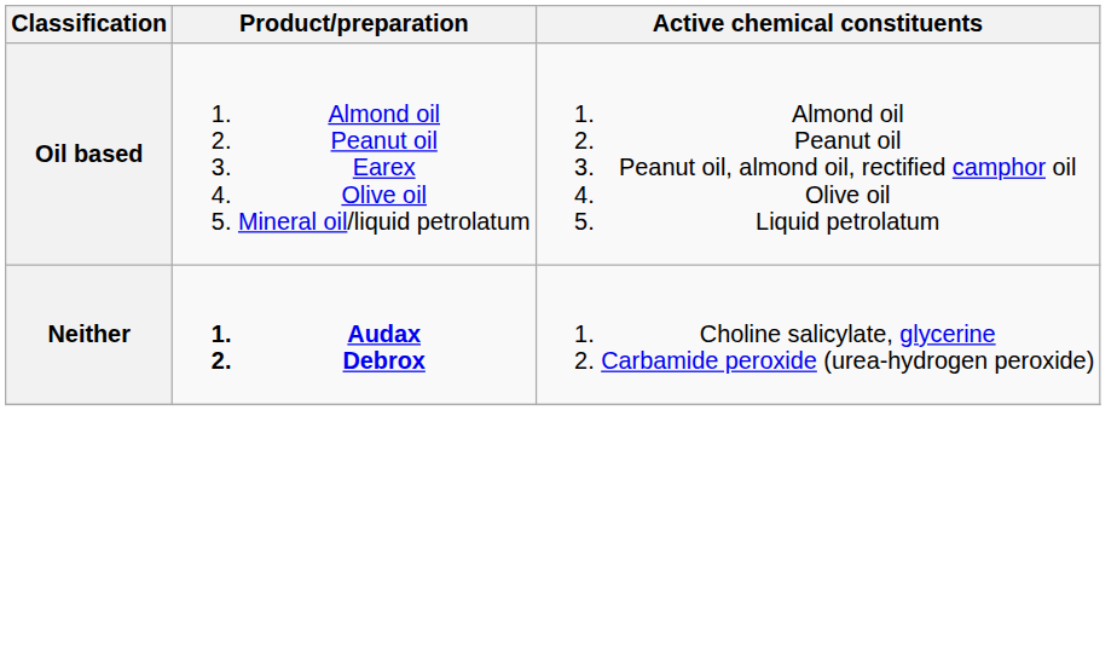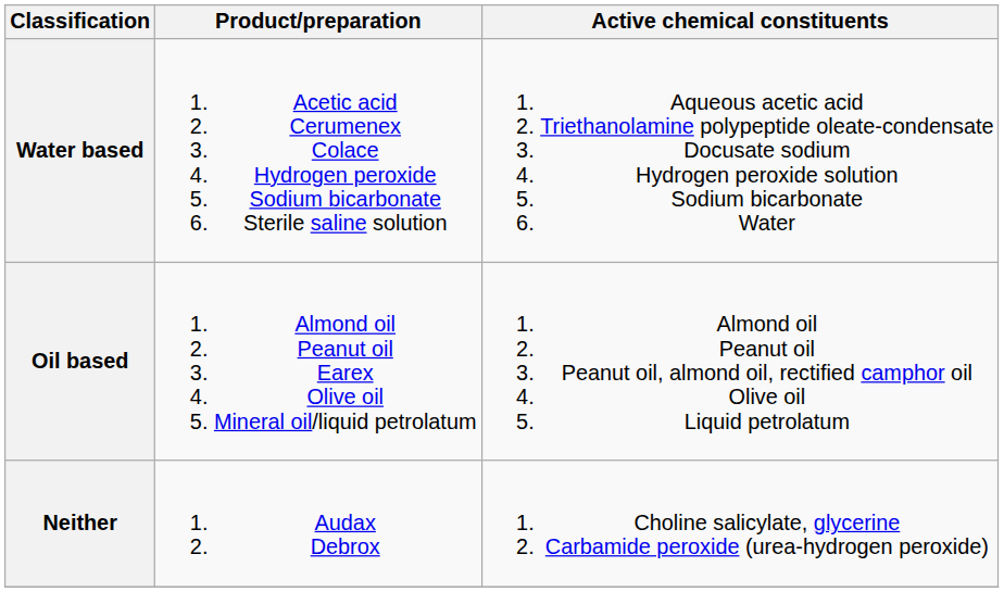 <table class="wikitable">
 <tr>
 <th>Classification</th>
 <th>Product/preparation</th>
 <th>Active chemical constituents</th>
+</tr>
+<tr>
+<th>Water based</th>
+<td style="text-align: center;"><br><ol><li><a href='#'>Acetic acid</a></li><li><a href='#'>Cerumenex</a></li><li><a href='#'>Colace</a></li><li><a href='#'>Hydrogen peroxide</a></li><li><a href='#'>Sodium bicarbonate</a></li><li>Sterile <a href='#'>saline</a> solution</li></ol></td>
+<td style="text-align: center;"><br><ol><li>Aqueous acetic acid</li><li><a href='#'>Triethanolamine</a> polypeptide oleate-condensate</li><li>Docusate sodium</li><li>Hydrogen peroxide solution</li><li>Sodium bicarbonate</li><li>Water</li></ol></td>
 </tr>
 <tr>
 <th>Oil based</th>
 <td style="text-align: center;"><br><ol><li><a href='#'>Almond oil</a></li><li><a href='#'>Peanut oil</a></li><li><a href='#'>Earex</a></li><li><a href='#'>Olive oil</a></li><li><a href='#'>Mineral oil</a>/liquid petrolatum</li></ol></td>
 <td style="text-align: center;"><br><ol><li>Almond oil</li><li>Peanut oil</li><li>Peanut oil, almond oil, rectified <a href='#'>camphor</a> oil</li><li>Olive oil</li><li>Liquid petrolatum</li></ol></td>
 </tr>
 <tr>
 <th>Neither</th>
-<td style="text-align: center;"><strong><br><ol><li><a href='#'>Audax</a></li><li><a href='#'>Debrox</a></li></ol></strong></td>
+<td style="text-align: center;"><br><ol><li><a href='#'>Audax</a></li><li><a href='#'>Debrox</a></li></ol></td>
 <td style="text-align: center;"><br><ol><li>Choline salicylate, <a href='#'>glycerine</a></li><li><a href='#'>Carbamide peroxide</a> (urea-hydrogen peroxide)</li></ol></td>
 </tr>
 <tr>
 </tr>
 </table>
